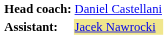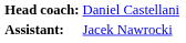 <table>
 <tr>
 <td><strong>Head coach:</strong></td>
 <td> <a href='#'>Daniel Castellani</a></td>
 </tr>
 <tr>
 <td><strong>Assistant:</strong></td>
-<td style="background: khaki;"> <a href='#'>Jacek Nawrocki</a></td>
+<td> <a href='#'>Jacek Nawrocki</a></td>
 </tr>
 <tr>
 </tr>
 </table>
